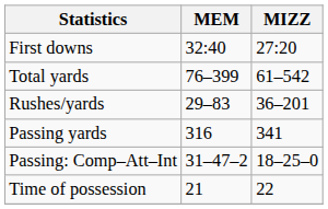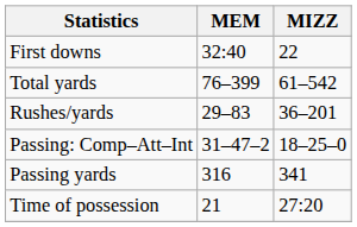 <table class="wikitable" style="float: left;">
 <tr>
 <th>Statistics</th>
 <th>MEM</th>
 <th>MIZZ</th>
 </tr>
 <tr>
 <td>First downs</td>
 <td>32:40</td>
-<td>27:20</td>
+<td>22</td>
 </tr>
 <tr>
 <td>Total yards</td>
 <td>76–399</td>
 <td>61–542</td>
 </tr>
 <tr>
 <td>Rushes/yards</td>
 <td>29–83</td>
 <td>36–201</td>
 </tr>
 <tr>
+<td>Passing: Comp–Att–Int</td>
+<td>31–47–2</td>
+<td>18–25–0</td>
+</tr>
+<tr>
 <td>Passing yards</td>
 <td>316</td>
 <td>341</td>
 </tr>
 <tr>
-<td>Passing: Comp–Att–Int</td>
-<td>31–47–2</td>
-<td>18–25–0</td>
-</tr>
-<tr>
 <td>Time of possession</td>
 <td>21</td>
-<td>22</td>
+<td>27:20</td>
 </tr>
 <tr>
 </tr>
 </table>
